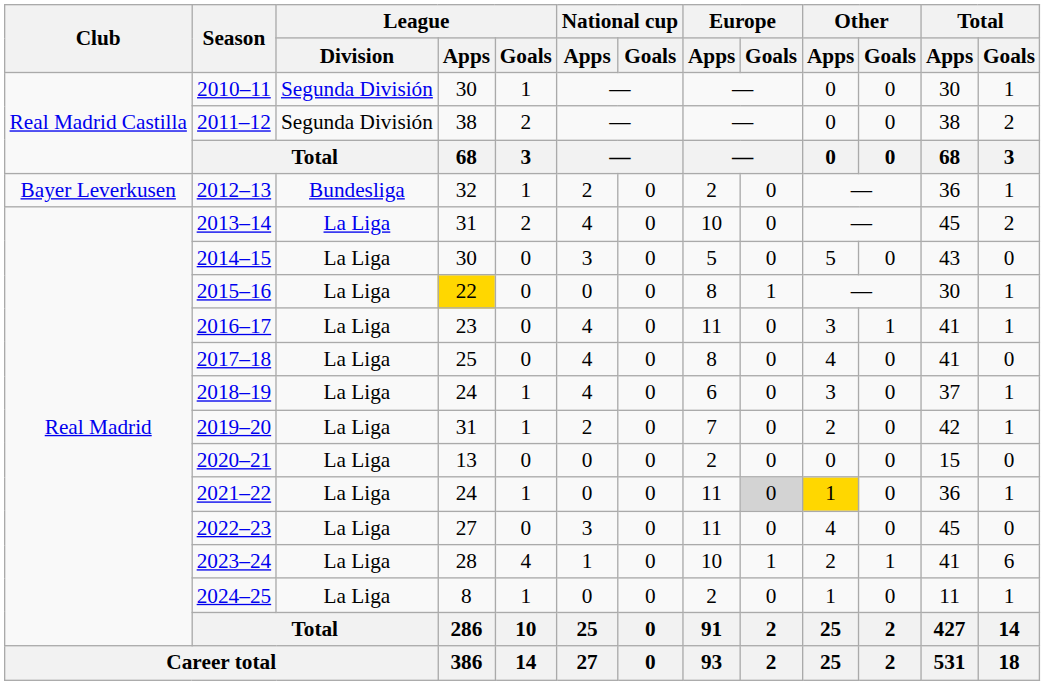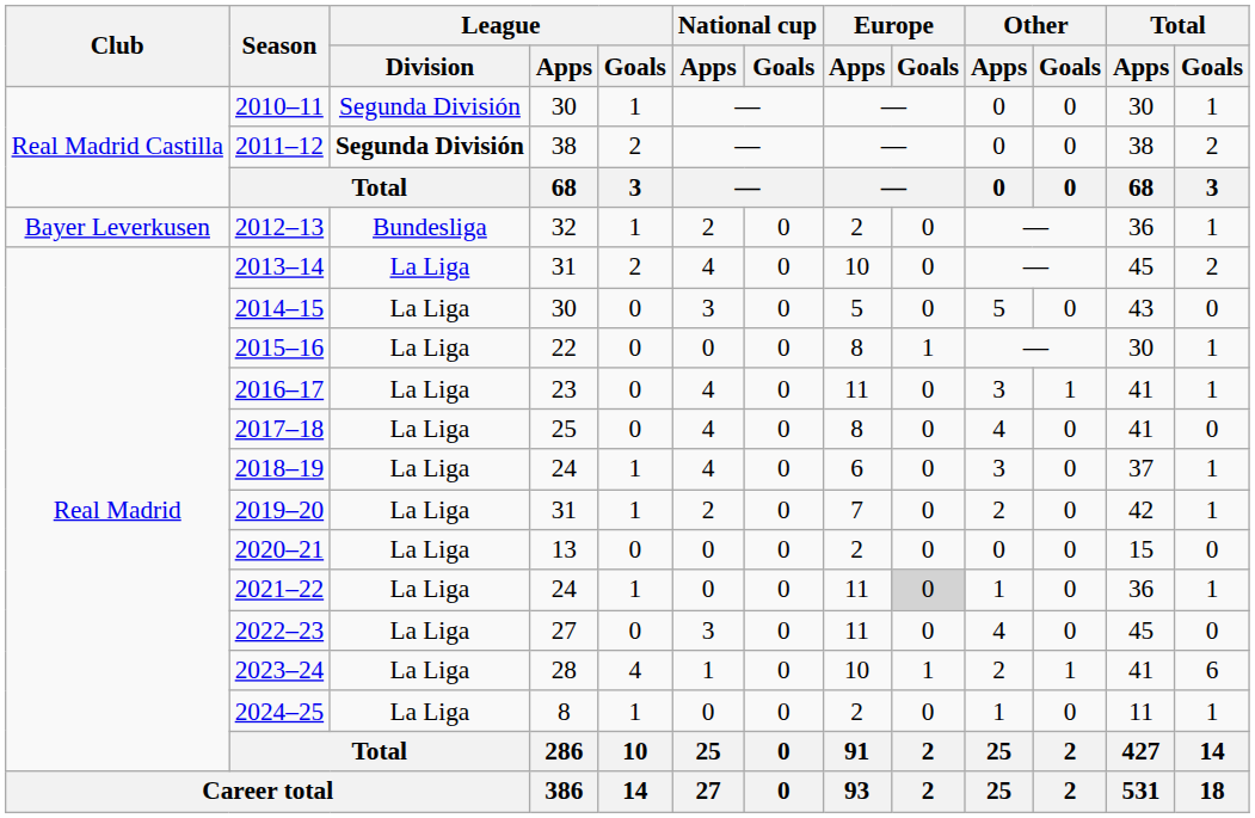 <table class="wikitable" style="text-align:center">
 <tr>
 <th rowspan="2">Club</th>
 <th rowspan="2">Season</th>
 <th colspan="3">League</th>
 <th colspan="2">National cup</th>
 <th colspan="2">Europe</th>
 <th colspan="2">Other</th>
 <th colspan="2">Total</th>
 </tr>
 <tr>
 <th>Division</th>
 <th>Apps</th>
 <th>Goals</th>
 <th>Apps</th>
 <th>Goals</th>
 <th>Apps</th>
 <th>Goals</th>
 <th>Apps</th>
 <th>Goals</th>
 <th>Apps</th>
 <th>Goals</th>
 </tr>
 <tr>
 <td rowspan="3"><a href='#'>Real Madrid Castilla</a></td>
 <td><a href='#'>2010–11</a></td>
 <td><a href='#'>Segunda División</a></td>
 <td>30</td>
 <td>1</td>
 <td colspan="2">—</td>
 <td colspan="2">—</td>
 <td>0</td>
 <td>0</td>
 <td>30</td>
 <td>1</td>
 </tr>
 <tr>
 <td><a href='#'>2011–12</a></td>
-<td>Segunda División</td>
+<td><strong>Segunda División</strong></td>
 <td>38</td>
 <td>2</td>
 <td colspan="2">—</td>
 <td colspan="2">—</td>
 <td>0</td>
 <td>0</td>
 <td>38</td>
 <td>2</td>
 </tr>
 <tr>
 <th colspan="2">Total</th>
 <th>68</th>
 <th>3</th>
 <th colspan="2">—</th>
 <th colspan="2">—</th>
 <th>0</th>
 <th>0</th>
 <th>68</th>
 <th>3</th>
 </tr>
 <tr>
 <td><a href='#'>Bayer Leverkusen</a></td>
 <td><a href='#'>2012–13</a></td>
 <td><a href='#'>Bundesliga</a></td>
 <td>32</td>
 <td>1</td>
 <td>2</td>
 <td>0</td>
 <td>2</td>
 <td>0</td>
 <td colspan="2">—</td>
 <td>36</td>
 <td>1</td>
 </tr>
 <tr>
 <td rowspan="13"><a href='#'>Real Madrid</a></td>
 <td><a href='#'>2013–14</a></td>
 <td><a href='#'>La Liga</a></td>
 <td>31</td>
 <td>2</td>
 <td>4</td>
 <td>0</td>
 <td>10</td>
 <td>0</td>
 <td colspan="2">—</td>
 <td>45</td>
 <td>2</td>
 </tr>
 <tr>
 <td><a href='#'>2014–15</a></td>
 <td>La Liga</td>
 <td>30</td>
 <td>0</td>
 <td>3</td>
 <td>0</td>
 <td>5</td>
 <td>0</td>
 <td>5</td>
 <td>0</td>
 <td>43</td>
 <td>0</td>
 </tr>
 <tr>
 <td><a href='#'>2015–16</a></td>
 <td>La Liga</td>
-<td style="background: gold;">22</td>
+<td>22</td>
 <td>0</td>
 <td>0</td>
 <td>0</td>
 <td>8</td>
 <td>1</td>
 <td colspan="2">—</td>
 <td>30</td>
 <td>1</td>
 </tr>
 <tr>
 <td><a href='#'>2016–17</a></td>
 <td>La Liga</td>
 <td>23</td>
 <td>0</td>
 <td>4</td>
 <td>0</td>
 <td>11</td>
 <td>0</td>
 <td>3</td>
 <td>1</td>
 <td>41</td>
 <td>1</td>
 </tr>
 <tr>
 <td><a href='#'>2017–18</a></td>
 <td>La Liga</td>
 <td>25</td>
 <td>0</td>
 <td>4</td>
 <td>0</td>
 <td>8</td>
 <td>0</td>
 <td>4</td>
 <td>0</td>
 <td>41</td>
 <td>0</td>
 </tr>
 <tr>
 <td><a href='#'>2018–19</a></td>
 <td>La Liga</td>
 <td>24</td>
 <td>1</td>
 <td>4</td>
 <td>0</td>
 <td>6</td>
 <td>0</td>
 <td>3</td>
 <td>0</td>
 <td>37</td>
 <td>1</td>
 </tr>
 <tr>
 <td><a href='#'>2019–20</a></td>
 <td>La Liga</td>
 <td>31</td>
 <td>1</td>
 <td>2</td>
 <td>0</td>
 <td>7</td>
 <td>0</td>
 <td>2</td>
 <td>0</td>
 <td>42</td>
 <td>1</td>
 </tr>
 <tr>
 <td><a href='#'>2020–21</a></td>
 <td>La Liga</td>
 <td>13</td>
 <td>0</td>
 <td>0</td>
 <td>0</td>
 <td>2</td>
 <td>0</td>
 <td>0</td>
 <td>0</td>
 <td>15</td>
 <td>0</td>
 </tr>
 <tr>
 <td><a href='#'>2021–22</a></td>
 <td>La Liga</td>
 <td>24</td>
 <td>1</td>
 <td>0</td>
 <td>0</td>
 <td>11</td>
 <td style="background: lightgrey;">0</td>
-<td style="background: gold;">1</td>
+<td>1</td>
 <td>0</td>
 <td>36</td>
 <td>1</td>
 </tr>
 <tr>
 <td><a href='#'>2022–23</a></td>
 <td>La Liga</td>
 <td>27</td>
 <td>0</td>
 <td>3</td>
 <td>0</td>
 <td>11</td>
 <td>0</td>
 <td>4</td>
 <td>0</td>
 <td>45</td>
 <td>0</td>
 </tr>
 <tr>
 <td><a href='#'>2023–24</a></td>
 <td>La Liga</td>
 <td>28</td>
 <td>4</td>
 <td>1</td>
 <td>0</td>
 <td>10</td>
 <td>1</td>
 <td>2</td>
 <td>1</td>
 <td>41</td>
 <td>6</td>
 </tr>
 <tr>
 <td><a href='#'>2024–25</a></td>
 <td>La Liga</td>
 <td>8</td>
 <td>1</td>
 <td>0</td>
 <td>0</td>
 <td>2</td>
 <td>0</td>
 <td>1</td>
 <td>0</td>
 <td>11</td>
 <td>1</td>
 </tr>
 <tr>
 <th colspan="2">Total</th>
 <th>286</th>
 <th>10</th>
 <th>25</th>
 <th>0</th>
 <th>91</th>
 <th>2</th>
 <th>25</th>
 <th>2</th>
 <th>427</th>
 <th>14</th>
 </tr>
 <tr>
 <th colspan="3">Career total</th>
 <th>386</th>
 <th>14</th>
 <th>27</th>
 <th>0</th>
 <th>93</th>
 <th>2</th>
 <th>25</th>
 <th>2</th>
 <th>531</th>
 <th>18</th>
 </tr>
 </table>
